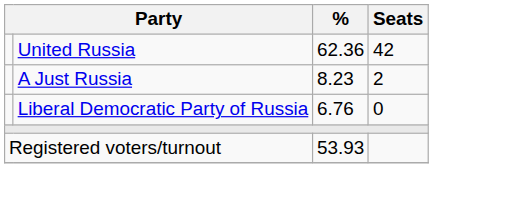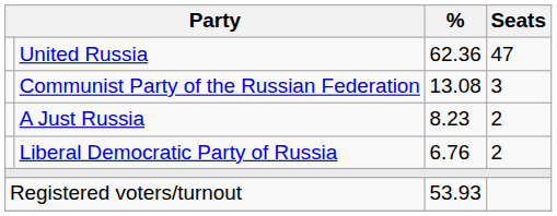 <table class="wikitable">
 <tr>
 <th colspan=2>Party</th>
 <th>%</th>
 <th>Seats</th>
 </tr>
 <tr>
 <td style="background:"></td>
 <td><a href='#'>United Russia</a></td>
 <td>62.36</td>
-<td>42</td>
+<td>47</td>
+</tr>
+<tr>
+<td style="background:"></td>
+<td><a href='#'>Communist Party of the Russian Federation</a></td>
+<td>13.08</td>
+<td>3</td>
 </tr>
 <tr>
 <td style="background:"></td>
 <td><a href='#'>A Just Russia</a></td>
 <td>8.23</td>
 <td>2</td>
 </tr>
 <tr>
 <td style="background:"></td>
 <td><a href='#'>Liberal Democratic Party of Russia</a></td>
 <td>6.76</td>
-<td>0</td>
+<td>2</td>
 </tr>
 <tr>
 <td colspan=4 style="background:#E9E9E9;"></td>
 </tr>
 <tr>
 <td align=left colspan=2>Registered voters/turnout</td>
 <td>53.93</td>
 <td></td>
 </tr>
 <tr>
 </tr>
 </table>
